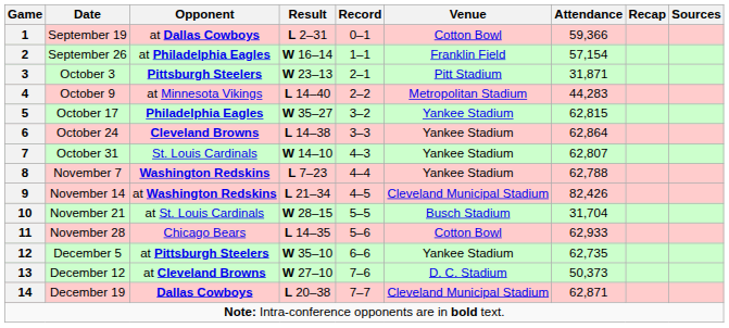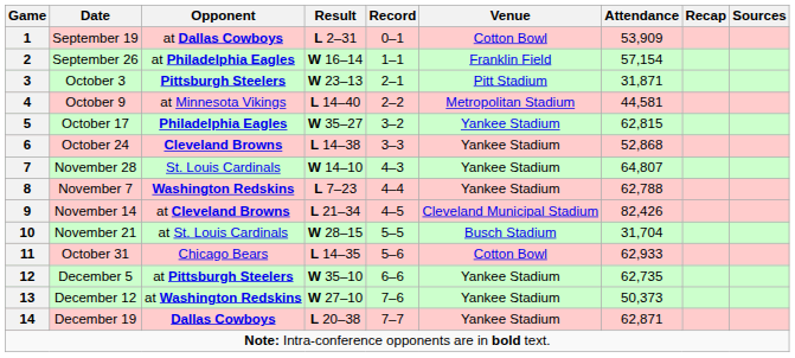 <table class="wikitable" style="text-align:center">
 <tr>
 <th>Game</th>
 <th>Date</th>
 <th>Opponent</th>
 <th>Result</th>
 <th>Record</th>
 <th>Venue</th>
 <th>Attendance</th>
 <th>Recap</th>
 <th>Sources</th>
 </tr>
 <tr style="background:#fcc">
 <th>1</th>
 <td>September 19</td>
 <td>at <strong><a href='#'>Dallas Cowboys</a></strong></td>
 <td><strong>L</strong> 2–31</td>
 <td>0–1</td>
 <td><a href='#'>Cotton Bowl</a></td>
-<td>59,366</td>
+<td>53,909</td>
 <td></td>
 <td></td>
 </tr>
 <tr style="background:#cfc">
 <th>2</th>
 <td>September 26</td>
 <td>at <strong><a href='#'>Philadelphia Eagles</a></strong></td>
 <td><strong>W</strong> 16–14</td>
 <td>1–1</td>
 <td><a href='#'>Franklin Field</a></td>
 <td>57,154</td>
 <td></td>
 <td></td>
 </tr>
 <tr style="background:#cfc">
 <th>3</th>
 <td>October 3</td>
 <td><strong><a href='#'>Pittsburgh Steelers</a></strong></td>
 <td><strong>W</strong> 23–13</td>
 <td>2–1</td>
 <td><a href='#'>Pitt Stadium</a></td>
 <td>31,871</td>
 <td></td>
 <td></td>
 </tr>
 <tr style="background:#fcc">
 <th>4</th>
 <td>October 9</td>
 <td>at <a href='#'>Minnesota Vikings</a></td>
 <td><strong>L</strong> 14–40</td>
 <td>2–2</td>
 <td><a href='#'>Metropolitan Stadium</a></td>
-<td>44,283</td>
+<td>44,581</td>
 <td></td>
 <td></td>
 </tr>
 <tr style="background:#cfc">
 <th>5</th>
 <td>October 17</td>
 <td><strong><a href='#'>Philadelphia Eagles</a></strong></td>
 <td><strong>W</strong> 35–27</td>
 <td>3–2</td>
 <td><a href='#'>Yankee Stadium</a></td>
 <td>62,815</td>
 <td></td>
 <td></td>
 </tr>
 <tr style="background:#fcc">
 <th>6</th>
 <td>October 24</td>
 <td><strong><a href='#'>Cleveland Browns</a></strong></td>
 <td><strong>L</strong> 14–38</td>
 <td>3–3</td>
 <td>Yankee Stadium</td>
-<td>62,864</td>
+<td>52,868</td>
 <td></td>
 <td></td>
 </tr>
 <tr style="background:#cfc">
 <th>7</th>
-<td>October 31</td>
+<td>November 28</td>
 <td><a href='#'>St. Louis Cardinals</a></td>
 <td><strong>W</strong> 14–10</td>
 <td>4–3</td>
 <td>Yankee Stadium</td>
-<td>62,807</td>
+<td>64,807</td>
 <td></td>
 <td></td>
 </tr>
 <tr style="background:#fcc">
 <th>8</th>
 <td>November 7</td>
 <td><strong><a href='#'>Washington Redskins</a></strong></td>
 <td><strong>L</strong> 7–23</td>
 <td>4–4</td>
 <td>Yankee Stadium</td>
 <td>62,788</td>
 <td></td>
 <td></td>
 </tr>
 <tr style="background:#fcc">
 <th>9</th>
 <td>November 14</td>
-<td>at <strong><a href='#'>Washington Redskins</a></strong></td>
+<td>at <strong><a href='#'>Cleveland Browns</a></strong></td>
 <td><strong>L</strong> 21–34</td>
 <td>4–5</td>
 <td><a href='#'>Cleveland Municipal Stadium</a></td>
 <td>82,426</td>
 <td></td>
 <td></td>
 </tr>
 <tr style="background:#cfc">
 <th>10</th>
 <td>November 21</td>
 <td>at <a href='#'>St. Louis Cardinals</a></td>
 <td><strong>W</strong> 28–15</td>
 <td>5–5</td>
 <td><a href='#'>Busch Stadium</a></td>
 <td>31,704</td>
 <td></td>
 <td></td>
 </tr>
 <tr style="background:#fcc">
 <th>11</th>
-<td>November 28</td>
+<td>October 31</td>
 <td><a href='#'>Chicago Bears</a></td>
 <td><strong>L</strong> 14–35</td>
 <td>5–6</td>
 <td><a href='#'>Cotton Bowl</a></td>
 <td>62,933</td>
 <td></td>
 <td></td>
 </tr>
 <tr style="background:#cfc">
 <th>12</th>
 <td>December 5</td>
 <td>at <strong><a href='#'>Pittsburgh Steelers</a></strong></td>
 <td><strong>W</strong> 35–10</td>
 <td>6–6</td>
 <td>Yankee Stadium</td>
 <td>62,735</td>
 <td></td>
 <td></td>
 </tr>
 <tr style="background:#cfc">
 <th>13</th>
 <td>December 12</td>
-<td>at <strong><a href='#'>Cleveland Browns</a></strong></td>
+<td>at <strong><a href='#'>Washington Redskins</a></strong></td>
 <td><strong>W</strong> 27–10</td>
 <td>7–6</td>
-<td><a href='#'>D. C. Stadium</a></td>
+<td>Yankee Stadium</td>
 <td>50,373</td>
 <td></td>
 <td></td>
 </tr>
 <tr style="background:#fcc">
 <th>14</th>
 <td>December 19</td>
 <td><strong><a href='#'>Dallas Cowboys</a></strong></td>
 <td><strong>L</strong> 20–38</td>
 <td>7–7</td>
-<td><a href='#'>Cleveland Municipal Stadium</a></td>
+<td>Yankee Stadium</td>
 <td>62,871</td>
 <td></td>
 <td></td>
 </tr>
 <tr>
 <td colspan="10"><strong>Note:</strong> Intra-conference opponents are in <strong>bold</strong> text.</td>
 </tr>
 </table>
